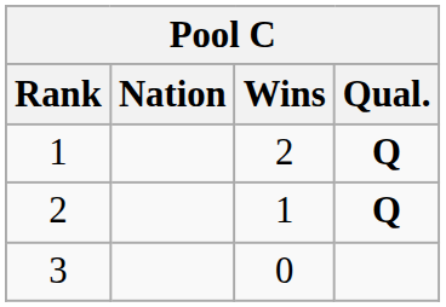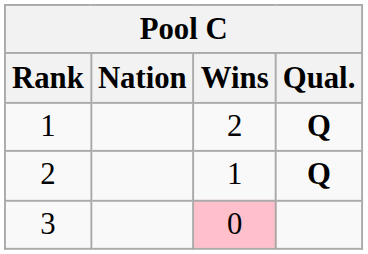 <table class="wikitable" style="text-align:center">
 <tr>
 <th colspan=4 align=center><strong>Pool C</strong></th>
 </tr>
 <tr>
 <th>Rank</th>
 <th>Nation</th>
 <th>Wins</th>
 <th>Qual.</th>
 </tr>
 <tr>
 <td>1</td>
 <td align=left></td>
 <td>2</td>
 <td><strong>Q</strong></td>
 </tr>
 <tr>
 <td>2</td>
 <td align=left></td>
 <td>1</td>
 <td><strong>Q</strong></td>
 </tr>
 <tr>
 <td>3</td>
 <td align=left></td>
-<td>0</td>
+<td style="background: pink;">0</td>
 <td></td>
 </tr>
 </table>
